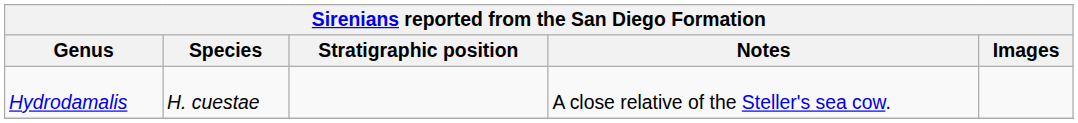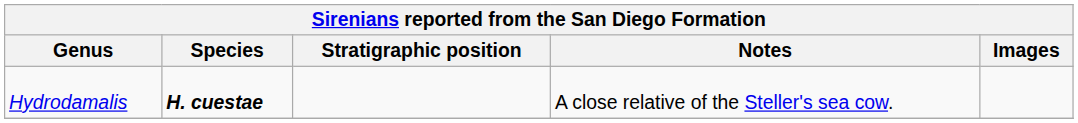 <table class="wikitable" align="center" width="100%">
 <tr>
 <th colspan="5" align="center"><strong><a href='#'>Sirenians</a> reported from the San Diego Formation</strong></th>
 </tr>
 <tr>
 <th>Genus</th>
 <th>Species</th>
 <th>Stratigraphic position</th>
 <th>Notes</th>
 <th>Images</th>
 </tr>
 <tr>
 <td><br><em><a href='#'>Hydrodamalis</a></em></td>
-<td><br><em>H. cuestae</em></td>
+<td><strong><br><em>H. cuestae</em></strong></td>
 <td></td>
 <td><br>A close relative of the <a href='#'>Steller's sea cow</a>.</td>
 <td></td>
 </tr>
 <tr>
 </tr>
 </table>
